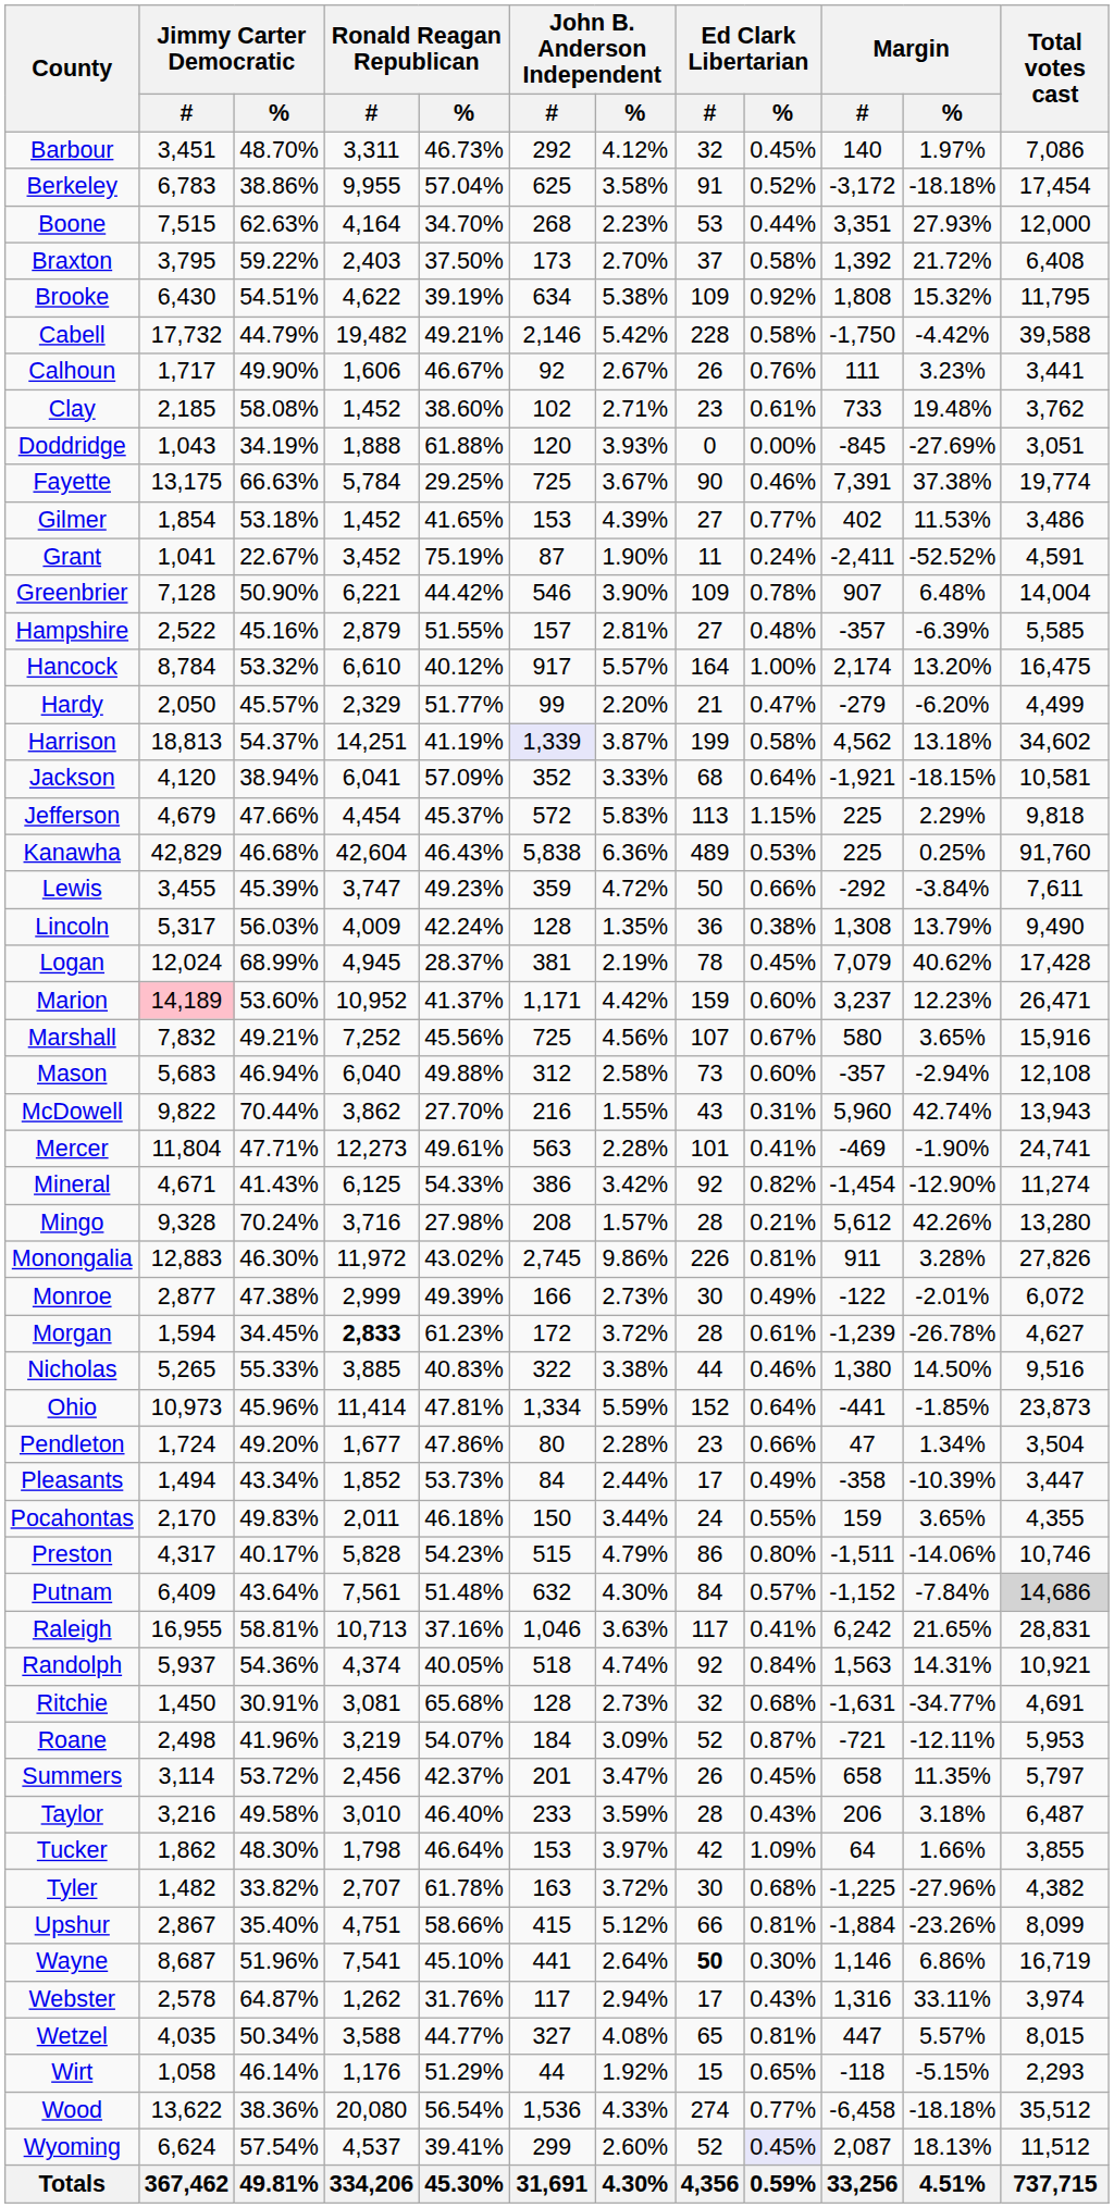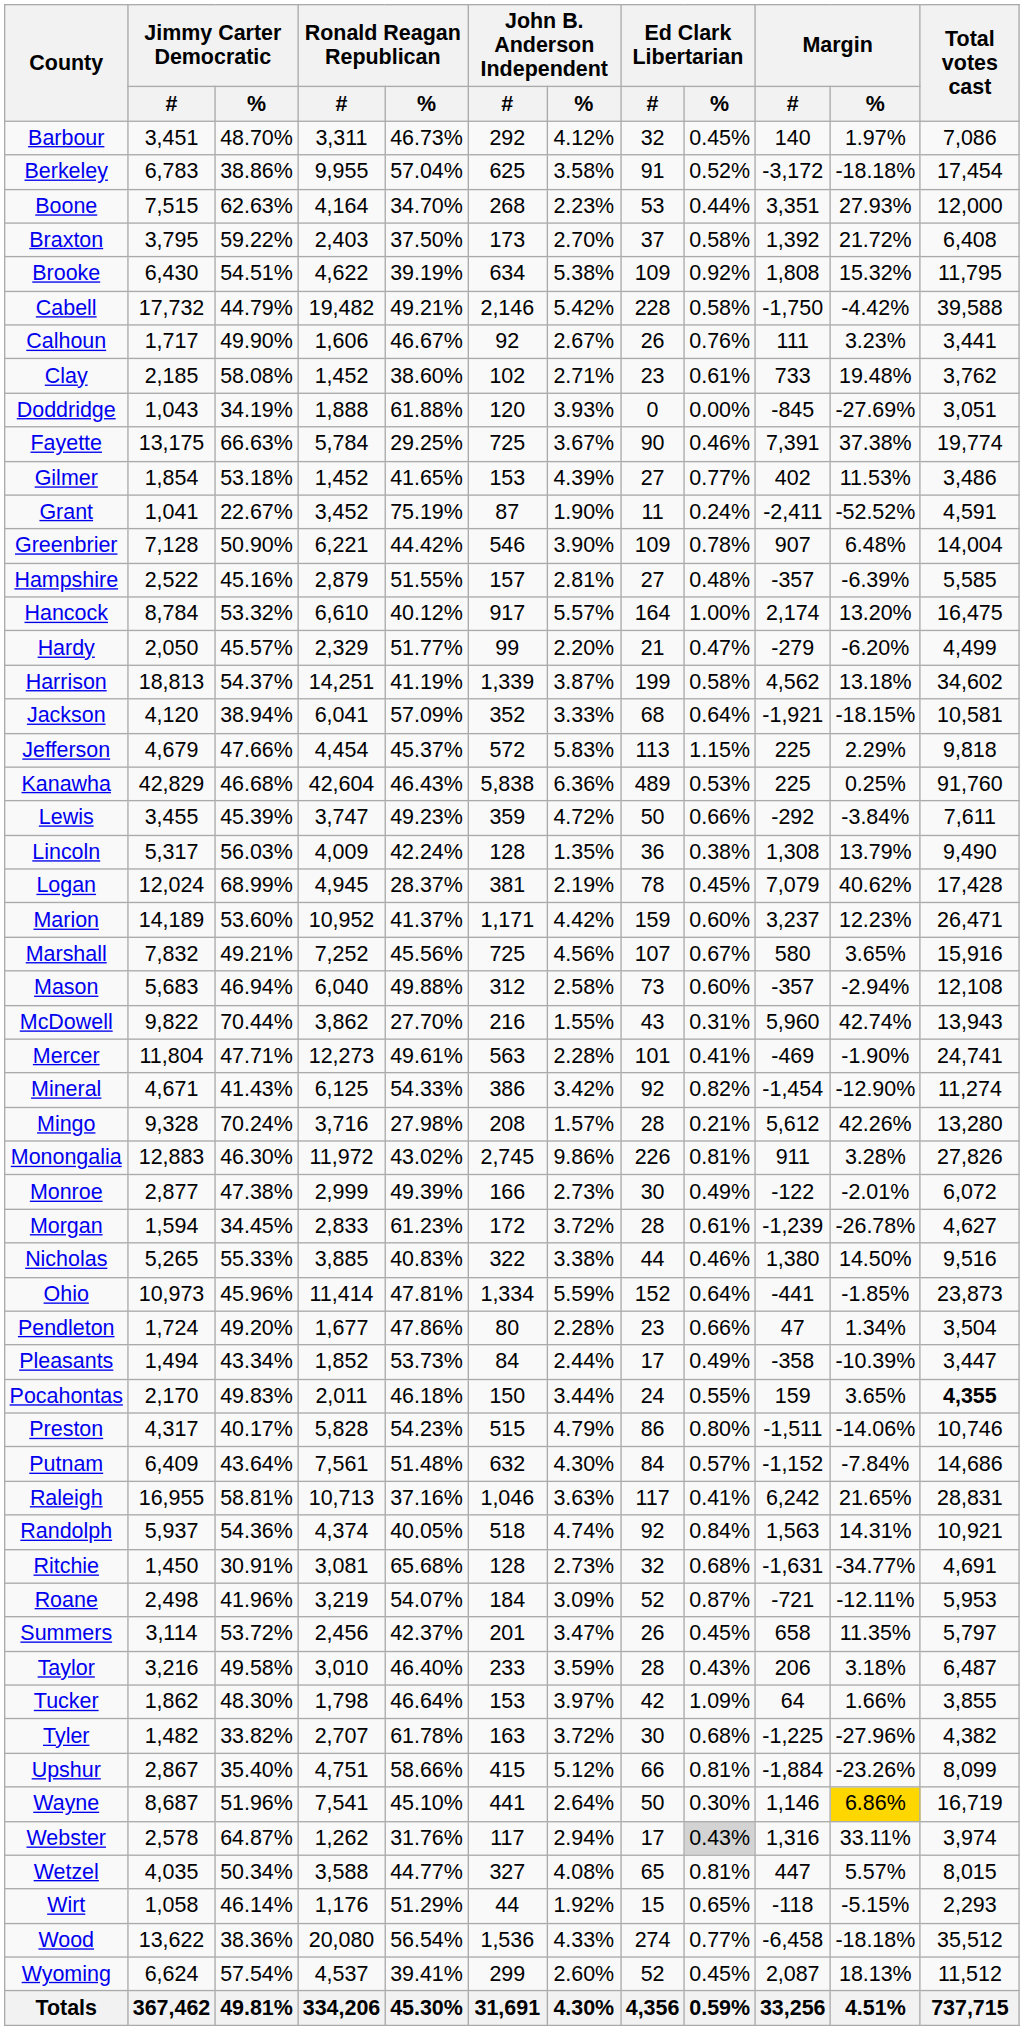 <table width="60%"  class="wikitable sortable" style="text-align:center">
 <tr>
 <th style="text-align:center;" rowspan="2">County</th>
 <th style="text-align:center;" colspan="2">Jimmy Carter<br>Democratic</th>
 <th style="text-align:center;" colspan="2">Ronald Reagan<br>Republican</th>
 <th style="text-align:center;" colspan="2">John B. Anderson<br>Independent</th>
 <th style="text-align:center;" colspan="2">Ed Clark<br>Libertarian</th>
 <th style="text-align:center;" colspan="2">Margin</th>
 <th style="text-align:center;" rowspan="2">Total votes cast</th>
 </tr>
 <tr>
 <th style="text-align:center;" data-sort-type="number">#</th>
 <th style="text-align:center;" data-sort-type="number">%</th>
 <th style="text-align:center;" data-sort-type="number">#</th>
 <th style="text-align:center;" data-sort-type="number">%</th>
 <th style="text-align:center;" data-sort-type="number">#</th>
 <th style="text-align:center;" data-sort-type="number">%</th>
 <th style="text-align:center;" data-sort-type="number">#</th>
 <th style="text-align:center;" data-sort-type="number">%</th>
 <th style="text-align:center;" data-sort-type="number">#</th>
 <th style="text-align:center;" data-sort-type="number">%</th>
 </tr>
 <tr style="text-align:center;">
 <td><a href='#'>Barbour</a></td>
 <td>3,451</td>
 <td>48.70%</td>
 <td>3,311</td>
 <td>46.73%</td>
 <td>292</td>
 <td>4.12%</td>
 <td>32</td>
 <td>0.45%</td>
 <td>140</td>
 <td>1.97%</td>
 <td>7,086</td>
 </tr>
 <tr style="text-align:center;">
 <td><a href='#'>Berkeley</a></td>
 <td>6,783</td>
 <td>38.86%</td>
 <td>9,955</td>
 <td>57.04%</td>
 <td>625</td>
 <td>3.58%</td>
 <td>91</td>
 <td>0.52%</td>
 <td>-3,172</td>
 <td>-18.18%</td>
 <td>17,454</td>
 </tr>
 <tr style="text-align:center;">
 <td><a href='#'>Boone</a></td>
 <td>7,515</td>
 <td>62.63%</td>
 <td>4,164</td>
 <td>34.70%</td>
 <td>268</td>
 <td>2.23%</td>
 <td>53</td>
 <td>0.44%</td>
 <td>3,351</td>
 <td>27.93%</td>
 <td>12,000</td>
 </tr>
 <tr style="text-align:center;">
 <td><a href='#'>Braxton</a></td>
 <td>3,795</td>
 <td>59.22%</td>
 <td>2,403</td>
 <td>37.50%</td>
 <td>173</td>
 <td>2.70%</td>
 <td>37</td>
 <td>0.58%</td>
 <td>1,392</td>
 <td>21.72%</td>
 <td>6,408</td>
 </tr>
 <tr style="text-align:center;">
 <td><a href='#'>Brooke</a></td>
 <td>6,430</td>
 <td>54.51%</td>
 <td>4,622</td>
 <td>39.19%</td>
 <td>634</td>
 <td>5.38%</td>
 <td>109</td>
 <td>0.92%</td>
 <td>1,808</td>
 <td>15.32%</td>
 <td>11,795</td>
 </tr>
 <tr style="text-align:center;">
 <td><a href='#'>Cabell</a></td>
 <td>17,732</td>
 <td>44.79%</td>
 <td>19,482</td>
 <td>49.21%</td>
 <td>2,146</td>
 <td>5.42%</td>
 <td>228</td>
 <td>0.58%</td>
 <td>-1,750</td>
 <td>-4.42%</td>
 <td>39,588</td>
 </tr>
 <tr style="text-align:center;">
 <td><a href='#'>Calhoun</a></td>
 <td>1,717</td>
 <td>49.90%</td>
 <td>1,606</td>
 <td>46.67%</td>
 <td>92</td>
 <td>2.67%</td>
 <td>26</td>
 <td>0.76%</td>
 <td>111</td>
 <td>3.23%</td>
 <td>3,441</td>
 </tr>
 <tr style="text-align:center;">
 <td><a href='#'>Clay</a></td>
 <td>2,185</td>
 <td>58.08%</td>
 <td>1,452</td>
 <td>38.60%</td>
 <td>102</td>
 <td>2.71%</td>
 <td>23</td>
 <td>0.61%</td>
 <td>733</td>
 <td>19.48%</td>
 <td>3,762</td>
 </tr>
 <tr style="text-align:center;">
 <td><a href='#'>Doddridge</a></td>
 <td>1,043</td>
 <td>34.19%</td>
 <td>1,888</td>
 <td>61.88%</td>
 <td>120</td>
 <td>3.93%</td>
 <td>0</td>
 <td>0.00%</td>
 <td>-845</td>
 <td>-27.69%</td>
 <td>3,051</td>
 </tr>
 <tr style="text-align:center;">
 <td><a href='#'>Fayette</a></td>
 <td>13,175</td>
 <td>66.63%</td>
 <td>5,784</td>
 <td>29.25%</td>
 <td>725</td>
 <td>3.67%</td>
 <td>90</td>
 <td>0.46%</td>
 <td>7,391</td>
 <td>37.38%</td>
 <td>19,774</td>
 </tr>
 <tr style="text-align:center;">
 <td><a href='#'>Gilmer</a></td>
 <td>1,854</td>
 <td>53.18%</td>
 <td>1,452</td>
 <td>41.65%</td>
 <td>153</td>
 <td>4.39%</td>
 <td>27</td>
 <td>0.77%</td>
 <td>402</td>
 <td>11.53%</td>
 <td>3,486</td>
 </tr>
 <tr style="text-align:center;">
 <td><a href='#'>Grant</a></td>
 <td>1,041</td>
 <td>22.67%</td>
 <td>3,452</td>
 <td>75.19%</td>
 <td>87</td>
 <td>1.90%</td>
 <td>11</td>
 <td>0.24%</td>
 <td>-2,411</td>
 <td>-52.52%</td>
 <td>4,591</td>
 </tr>
 <tr style="text-align:center;">
 <td><a href='#'>Greenbrier</a></td>
 <td>7,128</td>
 <td>50.90%</td>
 <td>6,221</td>
 <td>44.42%</td>
 <td>546</td>
 <td>3.90%</td>
 <td>109</td>
 <td>0.78%</td>
 <td>907</td>
 <td>6.48%</td>
 <td>14,004</td>
 </tr>
 <tr style="text-align:center;">
 <td><a href='#'>Hampshire</a></td>
 <td>2,522</td>
 <td>45.16%</td>
 <td>2,879</td>
 <td>51.55%</td>
 <td>157</td>
 <td>2.81%</td>
 <td>27</td>
 <td>0.48%</td>
 <td>-357</td>
 <td>-6.39%</td>
 <td>5,585</td>
 </tr>
 <tr style="text-align:center;">
 <td><a href='#'>Hancock</a></td>
 <td>8,784</td>
 <td>53.32%</td>
 <td>6,610</td>
 <td>40.12%</td>
 <td>917</td>
 <td>5.57%</td>
 <td>164</td>
 <td>1.00%</td>
 <td>2,174</td>
 <td>13.20%</td>
 <td>16,475</td>
 </tr>
 <tr style="text-align:center;">
 <td><a href='#'>Hardy</a></td>
 <td>2,050</td>
 <td>45.57%</td>
 <td>2,329</td>
 <td>51.77%</td>
 <td>99</td>
 <td>2.20%</td>
 <td>21</td>
 <td>0.47%</td>
 <td>-279</td>
 <td>-6.20%</td>
 <td>4,499</td>
 </tr>
 <tr style="text-align:center;">
 <td><a href='#'>Harrison</a></td>
 <td>18,813</td>
 <td>54.37%</td>
 <td>14,251</td>
 <td>41.19%</td>
-<td style="background: lavender;">1,339</td>
+<td>1,339</td>
 <td>3.87%</td>
 <td>199</td>
 <td>0.58%</td>
 <td>4,562</td>
 <td>13.18%</td>
 <td>34,602</td>
 </tr>
 <tr style="text-align:center;">
 <td><a href='#'>Jackson</a></td>
 <td>4,120</td>
 <td>38.94%</td>
 <td>6,041</td>
 <td>57.09%</td>
 <td>352</td>
 <td>3.33%</td>
 <td>68</td>
 <td>0.64%</td>
 <td>-1,921</td>
 <td>-18.15%</td>
 <td>10,581</td>
 </tr>
 <tr style="text-align:center;">
 <td><a href='#'>Jefferson</a></td>
 <td>4,679</td>
 <td>47.66%</td>
 <td>4,454</td>
 <td>45.37%</td>
 <td>572</td>
 <td>5.83%</td>
 <td>113</td>
 <td>1.15%</td>
 <td>225</td>
 <td>2.29%</td>
 <td>9,818</td>
 </tr>
 <tr style="text-align:center;">
 <td><a href='#'>Kanawha</a></td>
 <td>42,829</td>
 <td>46.68%</td>
 <td>42,604</td>
 <td>46.43%</td>
 <td>5,838</td>
 <td>6.36%</td>
 <td>489</td>
 <td>0.53%</td>
 <td>225</td>
 <td>0.25%</td>
 <td>91,760</td>
 </tr>
 <tr style="text-align:center;">
 <td><a href='#'>Lewis</a></td>
 <td>3,455</td>
 <td>45.39%</td>
 <td>3,747</td>
 <td>49.23%</td>
 <td>359</td>
 <td>4.72%</td>
 <td>50</td>
 <td>0.66%</td>
 <td>-292</td>
 <td>-3.84%</td>
 <td>7,611</td>
 </tr>
 <tr style="text-align:center;">
 <td><a href='#'>Lincoln</a></td>
 <td>5,317</td>
 <td>56.03%</td>
 <td>4,009</td>
 <td>42.24%</td>
 <td>128</td>
 <td>1.35%</td>
 <td>36</td>
 <td>0.38%</td>
 <td>1,308</td>
 <td>13.79%</td>
 <td>9,490</td>
 </tr>
 <tr style="text-align:center;">
 <td><a href='#'>Logan</a></td>
 <td>12,024</td>
 <td>68.99%</td>
 <td>4,945</td>
 <td>28.37%</td>
 <td>381</td>
 <td>2.19%</td>
 <td>78</td>
 <td>0.45%</td>
 <td>7,079</td>
 <td>40.62%</td>
 <td>17,428</td>
 </tr>
 <tr style="text-align:center;">
 <td><a href='#'>Marion</a></td>
-<td style="background: pink;">14,189</td>
+<td>14,189</td>
 <td>53.60%</td>
 <td>10,952</td>
 <td>41.37%</td>
 <td>1,171</td>
 <td>4.42%</td>
 <td>159</td>
 <td>0.60%</td>
 <td>3,237</td>
 <td>12.23%</td>
 <td>26,471</td>
 </tr>
 <tr style="text-align:center;">
 <td><a href='#'>Marshall</a></td>
 <td>7,832</td>
 <td>49.21%</td>
 <td>7,252</td>
 <td>45.56%</td>
 <td>725</td>
 <td>4.56%</td>
 <td>107</td>
 <td>0.67%</td>
 <td>580</td>
 <td>3.65%</td>
 <td>15,916</td>
 </tr>
 <tr style="text-align:center;">
 <td><a href='#'>Mason</a></td>
 <td>5,683</td>
 <td>46.94%</td>
 <td>6,040</td>
 <td>49.88%</td>
 <td>312</td>
 <td>2.58%</td>
 <td>73</td>
 <td>0.60%</td>
 <td>-357</td>
 <td>-2.94%</td>
 <td>12,108</td>
 </tr>
 <tr style="text-align:center;">
 <td><a href='#'>McDowell</a></td>
 <td>9,822</td>
 <td>70.44%</td>
 <td>3,862</td>
 <td>27.70%</td>
 <td>216</td>
 <td>1.55%</td>
 <td>43</td>
 <td>0.31%</td>
 <td>5,960</td>
 <td>42.74%</td>
 <td>13,943</td>
 </tr>
 <tr style="text-align:center;">
 <td><a href='#'>Mercer</a></td>
 <td>11,804</td>
 <td>47.71%</td>
 <td>12,273</td>
 <td>49.61%</td>
 <td>563</td>
 <td>2.28%</td>
 <td>101</td>
 <td>0.41%</td>
 <td>-469</td>
 <td>-1.90%</td>
 <td>24,741</td>
 </tr>
 <tr style="text-align:center;">
 <td><a href='#'>Mineral</a></td>
 <td>4,671</td>
 <td>41.43%</td>
 <td>6,125</td>
 <td>54.33%</td>
 <td>386</td>
 <td>3.42%</td>
 <td>92</td>
 <td>0.82%</td>
 <td>-1,454</td>
 <td>-12.90%</td>
 <td>11,274</td>
 </tr>
 <tr style="text-align:center;">
 <td><a href='#'>Mingo</a></td>
 <td>9,328</td>
 <td>70.24%</td>
 <td>3,716</td>
 <td>27.98%</td>
 <td>208</td>
 <td>1.57%</td>
 <td>28</td>
 <td>0.21%</td>
 <td>5,612</td>
 <td>42.26%</td>
 <td>13,280</td>
 </tr>
 <tr style="text-align:center;">
 <td><a href='#'>Monongalia</a></td>
 <td>12,883</td>
 <td>46.30%</td>
 <td>11,972</td>
 <td>43.02%</td>
 <td>2,745</td>
 <td>9.86%</td>
 <td>226</td>
 <td>0.81%</td>
 <td>911</td>
 <td>3.28%</td>
 <td>27,826</td>
 </tr>
 <tr style="text-align:center;">
 <td><a href='#'>Monroe</a></td>
 <td>2,877</td>
 <td>47.38%</td>
 <td>2,999</td>
 <td>49.39%</td>
 <td>166</td>
 <td>2.73%</td>
 <td>30</td>
 <td>0.49%</td>
 <td>-122</td>
 <td>-2.01%</td>
 <td>6,072</td>
 </tr>
 <tr style="text-align:center;">
 <td><a href='#'>Morgan</a></td>
 <td>1,594</td>
 <td>34.45%</td>
-<td><strong>2,833</strong></td>
+<td>2,833</td>
 <td>61.23%</td>
 <td>172</td>
 <td>3.72%</td>
 <td>28</td>
 <td>0.61%</td>
 <td>-1,239</td>
 <td>-26.78%</td>
 <td>4,627</td>
 </tr>
 <tr style="text-align:center;">
 <td><a href='#'>Nicholas</a></td>
 <td>5,265</td>
 <td>55.33%</td>
 <td>3,885</td>
 <td>40.83%</td>
 <td>322</td>
 <td>3.38%</td>
 <td>44</td>
 <td>0.46%</td>
 <td>1,380</td>
 <td>14.50%</td>
 <td>9,516</td>
 </tr>
 <tr style="text-align:center;">
 <td><a href='#'>Ohio</a></td>
 <td>10,973</td>
 <td>45.96%</td>
 <td>11,414</td>
 <td>47.81%</td>
 <td>1,334</td>
 <td>5.59%</td>
 <td>152</td>
 <td>0.64%</td>
 <td>-441</td>
 <td>-1.85%</td>
 <td>23,873</td>
 </tr>
 <tr style="text-align:center;">
 <td><a href='#'>Pendleton</a></td>
 <td>1,724</td>
 <td>49.20%</td>
 <td>1,677</td>
 <td>47.86%</td>
 <td>80</td>
 <td>2.28%</td>
 <td>23</td>
 <td>0.66%</td>
 <td>47</td>
 <td>1.34%</td>
 <td>3,504</td>
 </tr>
 <tr style="text-align:center;">
 <td><a href='#'>Pleasants</a></td>
 <td>1,494</td>
 <td>43.34%</td>
 <td>1,852</td>
 <td>53.73%</td>
 <td>84</td>
 <td>2.44%</td>
 <td>17</td>
 <td>0.49%</td>
 <td>-358</td>
 <td>-10.39%</td>
 <td>3,447</td>
 </tr>
 <tr style="text-align:center;">
 <td><a href='#'>Pocahontas</a></td>
 <td>2,170</td>
 <td>49.83%</td>
 <td>2,011</td>
 <td>46.18%</td>
 <td>150</td>
 <td>3.44%</td>
 <td>24</td>
 <td>0.55%</td>
 <td>159</td>
 <td>3.65%</td>
-<td>4,355</td>
+<td><strong>4,355</strong></td>
 </tr>
 <tr style="text-align:center;">
 <td><a href='#'>Preston</a></td>
 <td>4,317</td>
 <td>40.17%</td>
 <td>5,828</td>
 <td>54.23%</td>
 <td>515</td>
 <td>4.79%</td>
 <td>86</td>
 <td>0.80%</td>
 <td>-1,511</td>
 <td>-14.06%</td>
 <td>10,746</td>
 </tr>
 <tr style="text-align:center;">
 <td><a href='#'>Putnam</a></td>
 <td>6,409</td>
 <td>43.64%</td>
 <td>7,561</td>
 <td>51.48%</td>
 <td>632</td>
 <td>4.30%</td>
 <td>84</td>
 <td>0.57%</td>
 <td>-1,152</td>
 <td>-7.84%</td>
-<td style="background: lightgrey;">14,686</td>
+<td>14,686</td>
 </tr>
 <tr style="text-align:center;">
 <td><a href='#'>Raleigh</a></td>
 <td>16,955</td>
 <td>58.81%</td>
 <td>10,713</td>
 <td>37.16%</td>
 <td>1,046</td>
 <td>3.63%</td>
 <td>117</td>
 <td>0.41%</td>
 <td>6,242</td>
 <td>21.65%</td>
 <td>28,831</td>
 </tr>
 <tr style="text-align:center;">
 <td><a href='#'>Randolph</a></td>
 <td>5,937</td>
 <td>54.36%</td>
 <td>4,374</td>
 <td>40.05%</td>
 <td>518</td>
 <td>4.74%</td>
 <td>92</td>
 <td>0.84%</td>
 <td>1,563</td>
 <td>14.31%</td>
 <td>10,921</td>
 </tr>
 <tr style="text-align:center;">
 <td><a href='#'>Ritchie</a></td>
 <td>1,450</td>
 <td>30.91%</td>
 <td>3,081</td>
 <td>65.68%</td>
 <td>128</td>
 <td>2.73%</td>
 <td>32</td>
 <td>0.68%</td>
 <td>-1,631</td>
 <td>-34.77%</td>
 <td>4,691</td>
 </tr>
 <tr style="text-align:center;">
 <td><a href='#'>Roane</a></td>
 <td>2,498</td>
 <td>41.96%</td>
 <td>3,219</td>
 <td>54.07%</td>
 <td>184</td>
 <td>3.09%</td>
 <td>52</td>
 <td>0.87%</td>
 <td>-721</td>
 <td>-12.11%</td>
 <td>5,953</td>
 </tr>
 <tr style="text-align:center;">
 <td><a href='#'>Summers</a></td>
 <td>3,114</td>
 <td>53.72%</td>
 <td>2,456</td>
 <td>42.37%</td>
 <td>201</td>
 <td>3.47%</td>
 <td>26</td>
 <td>0.45%</td>
 <td>658</td>
 <td>11.35%</td>
 <td>5,797</td>
 </tr>
 <tr style="text-align:center;">
 <td><a href='#'>Taylor</a></td>
 <td>3,216</td>
 <td>49.58%</td>
 <td>3,010</td>
 <td>46.40%</td>
 <td>233</td>
 <td>3.59%</td>
 <td>28</td>
 <td>0.43%</td>
 <td>206</td>
 <td>3.18%</td>
 <td>6,487</td>
 </tr>
 <tr style="text-align:center;">
 <td><a href='#'>Tucker</a></td>
 <td>1,862</td>
 <td>48.30%</td>
 <td>1,798</td>
 <td>46.64%</td>
 <td>153</td>
 <td>3.97%</td>
 <td>42</td>
 <td>1.09%</td>
 <td>64</td>
 <td>1.66%</td>
 <td>3,855</td>
 </tr>
 <tr style="text-align:center;">
 <td><a href='#'>Tyler</a></td>
 <td>1,482</td>
 <td>33.82%</td>
 <td>2,707</td>
 <td>61.78%</td>
 <td>163</td>
 <td>3.72%</td>
 <td>30</td>
 <td>0.68%</td>
 <td>-1,225</td>
 <td>-27.96%</td>
 <td>4,382</td>
 </tr>
 <tr style="text-align:center;">
 <td><a href='#'>Upshur</a></td>
 <td>2,867</td>
 <td>35.40%</td>
 <td>4,751</td>
 <td>58.66%</td>
 <td>415</td>
 <td>5.12%</td>
 <td>66</td>
 <td>0.81%</td>
 <td>-1,884</td>
 <td>-23.26%</td>
 <td>8,099</td>
 </tr>
 <tr style="text-align:center;">
 <td><a href='#'>Wayne</a></td>
 <td>8,687</td>
 <td>51.96%</td>
 <td>7,541</td>
 <td>45.10%</td>
 <td>441</td>
 <td>2.64%</td>
-<td><strong>50</strong></td>
+<td>50</td>
 <td>0.30%</td>
 <td>1,146</td>
-<td>6.86%</td>
+<td style="background: gold;">6.86%</td>
 <td>16,719</td>
 </tr>
 <tr style="text-align:center;">
 <td><a href='#'>Webster</a></td>
 <td>2,578</td>
 <td>64.87%</td>
 <td>1,262</td>
 <td>31.76%</td>
 <td>117</td>
 <td>2.94%</td>
 <td>17</td>
-<td>0.43%</td>
+<td style="background: lightgrey;">0.43%</td>
 <td>1,316</td>
 <td>33.11%</td>
 <td>3,974</td>
 </tr>
 <tr style="text-align:center;">
 <td><a href='#'>Wetzel</a></td>
 <td>4,035</td>
 <td>50.34%</td>
 <td>3,588</td>
 <td>44.77%</td>
 <td>327</td>
 <td>4.08%</td>
 <td>65</td>
 <td>0.81%</td>
 <td>447</td>
 <td>5.57%</td>
 <td>8,015</td>
 </tr>
 <tr style="text-align:center;">
 <td><a href='#'>Wirt</a></td>
 <td>1,058</td>
 <td>46.14%</td>
 <td>1,176</td>
 <td>51.29%</td>
 <td>44</td>
 <td>1.92%</td>
 <td>15</td>
 <td>0.65%</td>
 <td>-118</td>
 <td>-5.15%</td>
 <td>2,293</td>
 </tr>
 <tr style="text-align:center;">
 <td><a href='#'>Wood</a></td>
 <td>13,622</td>
 <td>38.36%</td>
 <td>20,080</td>
 <td>56.54%</td>
 <td>1,536</td>
 <td>4.33%</td>
 <td>274</td>
 <td>0.77%</td>
 <td>-6,458</td>
 <td>-18.18%</td>
 <td>35,512</td>
 </tr>
 <tr style="text-align:center;">
 <td><a href='#'>Wyoming</a></td>
 <td>6,624</td>
 <td>57.54%</td>
 <td>4,537</td>
 <td>39.41%</td>
 <td>299</td>
 <td>2.60%</td>
 <td>52</td>
-<td style="background: lavender;">0.45%</td>
+<td>0.45%</td>
 <td>2,087</td>
 <td>18.13%</td>
 <td>11,512</td>
 </tr>
 <tr>
 <th>Totals</th>
 <th>367,462</th>
 <th>49.81%</th>
 <th>334,206</th>
 <th>45.30%</th>
 <th>31,691</th>
 <th>4.30%</th>
 <th>4,356</th>
 <th>0.59%</th>
 <th>33,256</th>
 <th>4.51%</th>
 <th>737,715</th>
 </tr>
 </table>
